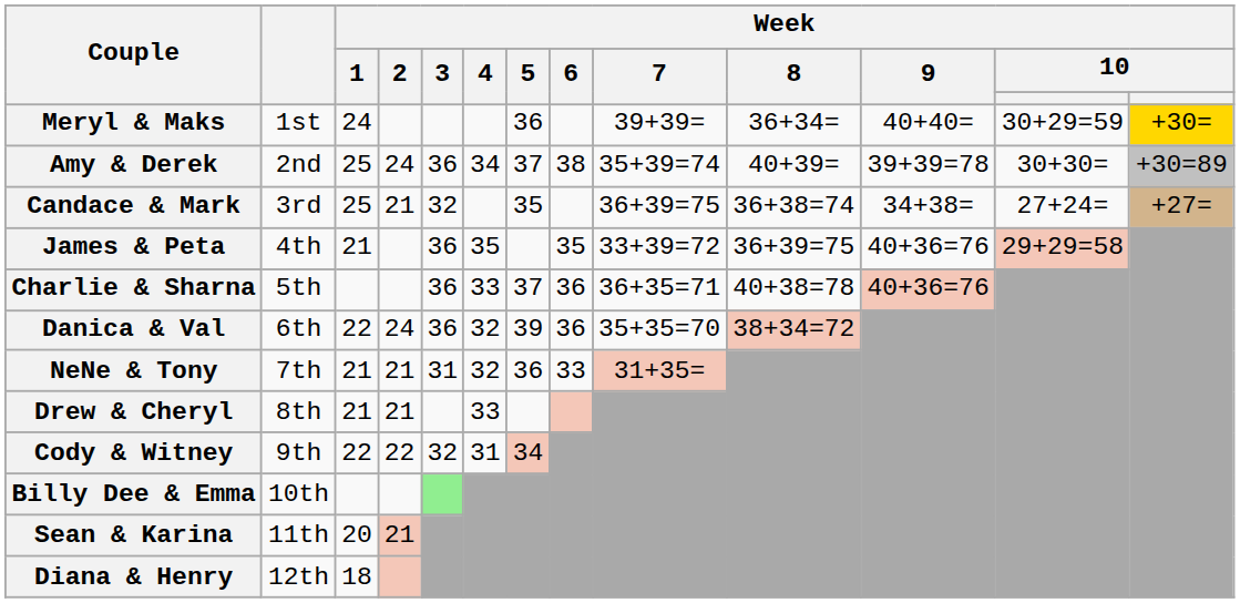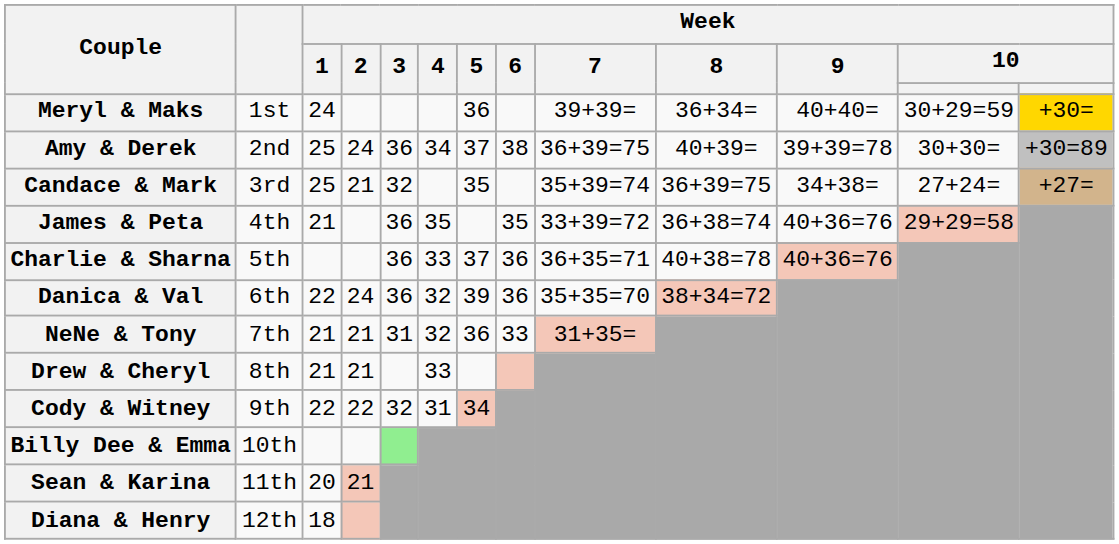 <table class="wikitable sortable" style="text-align:center; font-size:95%">
 <tr>
 <th scope="col" rowspan="3" style="text-align:center; line-height:15px;">Couple</th>
 <th scope="col" rowspan="3" style="text-align:center; line-height:15px;"></th>
 <th colspan="11" style="text-align:center; line-height:15px;">Week</th>
 </tr>
 <tr>
 <th scope="col" rowspan=2 style="line-height:15px;">1</th>
 <th scope="col" rowspan=2 style="line-height:15px;">2</th>
 <th scope="col" rowspan=2 style="line-height:15px;">3</th>
 <th scope="col" rowspan=2 style="line-height:15px;">4</th>
 <th scope="col" rowspan=2 style="line-height:15px;">5</th>
 <th scope="col" rowspan=2 style="line-height:15px;">6</th>
 <th scope="col" rowspan=2 style="line-height:15px;">7</th>
 <th scope="col" rowspan=2 style="line-height:15px;">8</th>
 <th scope="col" rowspan=2 style="line-height:15px;">9</th>
 <th scope="col" colspan=2 style="line-height:15px;">10</th>
 </tr>
 <tr>
 <th style="line-height:15px;"></th>
 <th style="line-height:15px;"></th>
 </tr>
 <tr>
 <th scope="row">Meryl & Maks</th>
 <td>1st</td>
 <td>24</td>
 <td></td>
 <td></td>
 <td></td>
 <td>36</td>
 <td></td>
 <td>39+39=</td>
 <td>36+34=</td>
 <td>40+40=</td>
 <td>30+29=59</td>
 <td bgcolor=gold >+30=</td>
 </tr>
 <tr>
 <th scope="row">Amy & Derek</th>
 <td>2nd</td>
 <td>25</td>
 <td>24</td>
 <td>36</td>
 <td>34</td>
 <td>37</td>
 <td>38</td>
-<td>35+39=74</td>
+<td>36+39=75</td>
 <td>40+39=</td>
 <td>39+39=78</td>
 <td>30+30=</td>
 <td bgcolor=silver >+30=89</td>
 </tr>
 <tr>
 <th scope="row">Candace & Mark</th>
 <td>3rd</td>
 <td>25</td>
 <td>21</td>
 <td>32</td>
 <td></td>
 <td>35</td>
 <td></td>
+<td>35+39=74</td>
 <td>36+39=75</td>
-<td>36+38=74</td>
 <td>34+38=</td>
 <td>27+24=</td>
 <td bgcolor=tan >+27=</td>
 </tr>
 <tr>
 <th scope="row">James & Peta</th>
 <td>4th</td>
 <td>21</td>
 <td></td>
 <td>36</td>
 <td>35</td>
 <td></td>
 <td>35</td>
 <td>33+39=72</td>
-<td>36+39=75</td>
+<td>36+38=74</td>
 <td>40+36=76</td>
 <td bgcolor=f4c7b8 >29+29=58</td>
 <td rowspan="9" style="background:darkgrey"></td>
 </tr>
 <tr>
 <th scope="row">Charlie & Sharna</th>
 <td>5th</td>
 <td></td>
 <td></td>
 <td>36</td>
 <td>33</td>
 <td>37</td>
 <td>36</td>
 <td>36+35=71</td>
 <td>40+38=78</td>
 <td bgcolor=f4c7b8 >40+36=76</td>
 <td rowspan="8" style="background:darkgrey"></td>
 </tr>
 <tr>
 <th scope="row">Danica & Val</th>
 <td>6th</td>
 <td>22</td>
 <td>24</td>
 <td>36</td>
 <td>32</td>
 <td>39</td>
 <td>36</td>
 <td>35+35=70</td>
 <td bgcolor=f4c7b8 >38+34=72</td>
 <td rowspan="7" style="background:darkgrey"></td>
 </tr>
 <tr>
 <th scope="row">NeNe & Tony</th>
 <td>7th</td>
 <td>21</td>
 <td>21</td>
 <td>31</td>
 <td>32</td>
 <td>36</td>
 <td>33</td>
 <td bgcolor=f4c7b8 >31+35=</td>
 <td rowspan="6" style="background:darkgrey"></td>
 </tr>
 <tr>
 <th scope="row">Drew & Cheryl</th>
 <td>8th</td>
 <td>21</td>
 <td>21</td>
 <td></td>
 <td>33</td>
 <td></td>
 <td bgcolor=f4c7b8></td>
 <td rowspan="5" style="background:darkgrey"></td>
 </tr>
 <tr>
 <th scope="row">Cody & Witney</th>
 <td>9th</td>
 <td>22</td>
 <td>22</td>
 <td>32</td>
 <td>31</td>
 <td bgcolor=f4c7b8>34</td>
 <td rowspan="4" style="background:darkgrey"></td>
 </tr>
 <tr>
 <th scope="row">Billy Dee & Emma</th>
 <td>10th</td>
 <td></td>
 <td></td>
 <td style="background:lightgreen" ></td>
 <td colspan="2" rowspan="3" style="background:darkgrey"></td>
 </tr>
 <tr>
 <th scope="row">Sean & Karina</th>
 <td>11th</td>
 <td>20</td>
 <td bgcolor=f4c7b8>21</td>
 <td rowspan="2" style="background:darkgrey"></td>
 </tr>
 <tr>
 <th scope="row">Diana & Henry</th>
 <td>12th</td>
 <td>18</td>
 <td bgcolor=f4c7b8 ></td>
 </tr>
 </table>
